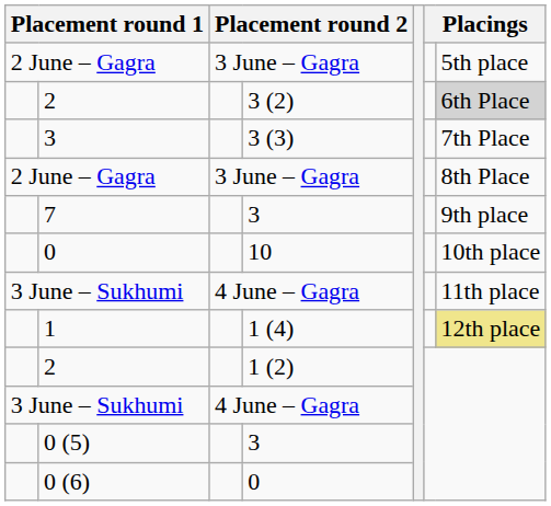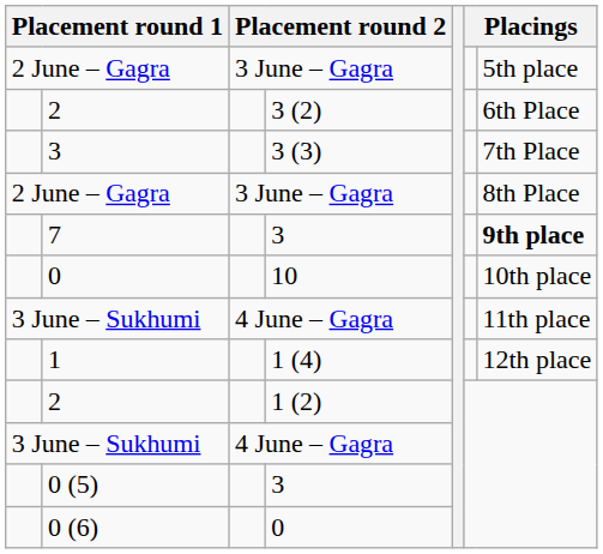 <table class="wikitable">
 <tr>
 <th colspan=2>Placement round 1</th>
 <th colspan=2>Placement round 2</th>
 <th rowspan=13></th>
 <th colspan=2>Placings</th>
 </tr>
 <tr>
 <td colspan=2>2 June – <a href='#'>Gagra</a></td>
 <td colspan=2>3 June – <a href='#'>Gagra</a></td>
 <td></td>
 <td>5th place</td>
 </tr>
 <tr>
 <td></td>
 <td>2</td>
 <td></td>
 <td>3 (2)</td>
 <td></td>
-<td style="background: lightgrey;">6th Place</td>
+<td>6th Place</td>
 </tr>
 <tr>
 <td></td>
 <td>3</td>
 <td></td>
 <td>3 (3)</td>
 <td></td>
 <td>7th Place</td>
 </tr>
 <tr>
 <td colspan=2>2 June – <a href='#'>Gagra</a></td>
 <td colspan=2>3 June – <a href='#'>Gagra</a></td>
 <td></td>
 <td>8th Place</td>
 </tr>
 <tr>
 <td></td>
 <td>7</td>
 <td></td>
 <td>3</td>
 <td></td>
-<td>9th place</td>
+<td><strong>9th place</strong></td>
 </tr>
 <tr>
 <td></td>
 <td>0</td>
 <td></td>
 <td>10</td>
 <td></td>
 <td>10th place</td>
 </tr>
 <tr>
 <td colspan=2>3 June – <a href='#'>Sukhumi</a></td>
 <td colspan=2>4 June – <a href='#'>Gagra</a></td>
 <td></td>
 <td>11th place</td>
 </tr>
 <tr>
 <td></td>
 <td>1</td>
 <td></td>
 <td>1 (4)</td>
 <td></td>
-<td style="background: khaki;">12th place</td>
+<td>12th place</td>
 </tr>
 <tr>
 <td></td>
 <td>2</td>
 <td></td>
 <td>1 (2)</td>
 </tr>
 <tr>
 <td colspan=2>3 June – <a href='#'>Sukhumi</a></td>
 <td colspan=2>4 June – <a href='#'>Gagra</a></td>
 </tr>
 <tr>
 <td></td>
 <td>0 (5)</td>
 <td></td>
 <td>3</td>
 </tr>
 <tr>
 <td></td>
 <td>0 (6)</td>
 <td></td>
 <td>0</td>
 </tr>
 </table>
